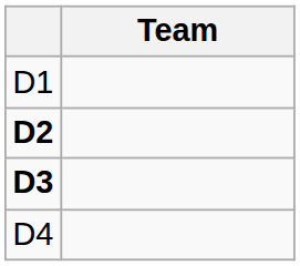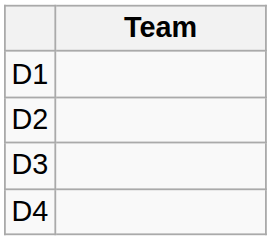 <table class="wikitable" style="display:inline-table;float:left;">
 <tr>
 <th></th>
 <th width=110>Team</th>
 </tr>
 <tr>
 <td align=center>D1</td>
 <td></td>
 </tr>
 <tr>
-<td align=center><strong>D2</strong></td>
+<td align=center>D2</td>
 <td></td>
 </tr>
 <tr>
-<td align=center><strong>D3</strong></td>
+<td align=center>D3</td>
 <td></td>
 </tr>
 <tr>
 <td align=center>D4</td>
 <td></td>
 </tr>
 </table>
